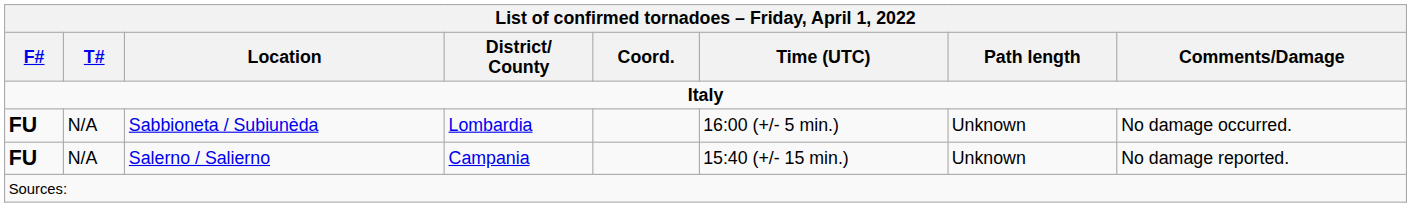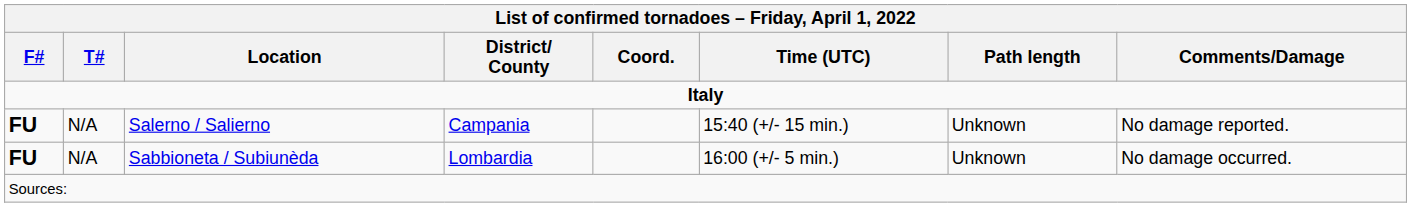 <table class="wikitable collapsible" width="100%">
 <tr>
 <th colspan="8">List of confirmed tornadoes – Friday, April 1, 2022</th>
 </tr>
 <tr>
 <th><a href='#'>F#</a></th>
 <th><a href='#'>T#</a></th>
 <th>Location</th>
 <th>District/<br>County</th>
 <th>Coord.</th>
 <th>Time (UTC)</th>
 <th>Path length</th>
 <th>Comments/Damage</th>
 </tr>
 <tr>
 <td colspan="8" align=center><strong>Italy</strong></td>
 </tr>
 <tr>
 <td><big><strong>FU</strong></big></td>
 <td>N/A</td>
+<td><a href='#'>Salerno / Salierno</a></td>
+<td><a href='#'>Campania</a></td>
+<td></td>
+<td>15:40 (+/- 15 min.)</td>
+<td>Unknown</td>
+<td>No damage reported.</td>
+</tr>
+<tr>
+<td><big><strong>FU</strong></big></td>
+<td>N/A</td>
 <td><a href='#'>Sabbioneta / Subiunèda</a></td>
 <td><a href='#'>Lombardia</a></td>
 <td></td>
 <td>16:00 (+/- 5 min.)</td>
 <td>Unknown</td>
 <td>No damage occurred.</td>
 </tr>
 <tr>
-<td><big><strong>FU</strong></big></td>
-<td>N/A</td>
-<td><a href='#'>Salerno / Salierno</a></td>
-<td><a href='#'>Campania</a></td>
-<td></td>
-<td>15:40 (+/- 15 min.)</td>
-<td>Unknown</td>
-<td>No damage reported.</td>
-</tr>
-<tr>
 <td colspan="8"><small>Sources:  </small></td>
 </tr>
 </table>
